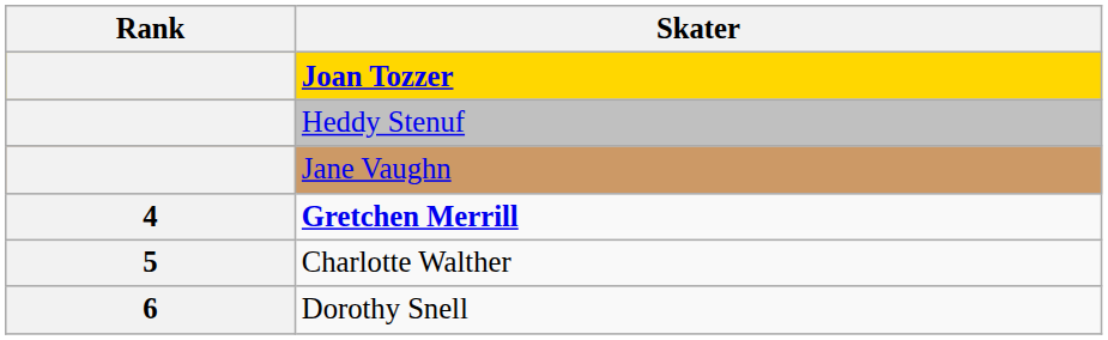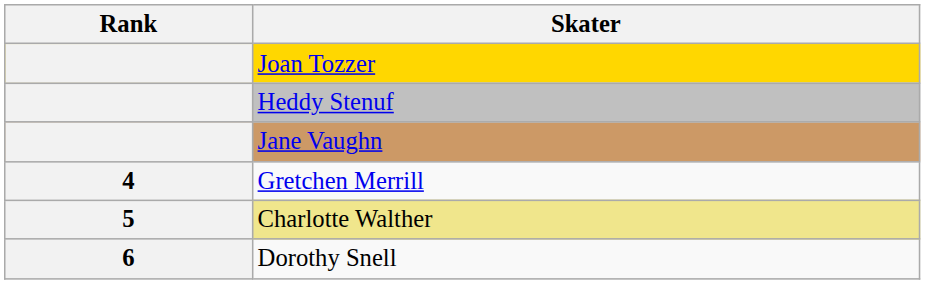 <table class="wikitable unsortable" style="text-align:left; width:30%">
 <tr>
 <th scope="col">Rank</th>
 <th scope="col">Skater</th>
 </tr>
 <tr bgcolor="gold">
 <th scope="row"></th>
-<td><strong><a href='#'>Joan Tozzer</a></strong></td>
+<td><a href='#'>Joan Tozzer</a></td>
 </tr>
 <tr bgcolor="silver">
 <th scope="row"></th>
 <td><a href='#'>Heddy Stenuf</a></td>
 </tr>
 <tr bgcolor="cc9966">
 <th scope="row"></th>
 <td><a href='#'>Jane Vaughn</a></td>
 </tr>
 <tr>
 <th scope="row">4</th>
-<td><strong><a href='#'>Gretchen Merrill</a></strong></td>
+<td><a href='#'>Gretchen Merrill</a></td>
 </tr>
 <tr>
 <th scope="row">5</th>
-<td>Charlotte Walther</td>
+<td style="background: khaki;">Charlotte Walther</td>
 </tr>
 <tr>
 <th scope="row">6</th>
 <td>Dorothy Snell</td>
 </tr>
 </table>
